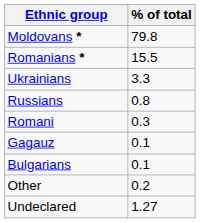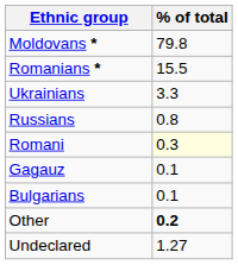 <table class="wikitable sortable">
 <tr>
 <th style="width:140px;"><a href='#'>Ethnic group</a></th>
 <th>% of total</th>
 </tr>
 <tr>
 <td><a href='#'>Moldovans</a> <strong>*</strong></td>
 <td>79.8</td>
 </tr>
 <tr>
 <td><a href='#'>Romanians</a> <strong>*</strong></td>
 <td>15.5</td>
 </tr>
 <tr>
 <td><a href='#'>Ukrainians</a></td>
 <td>3.3</td>
 </tr>
 <tr>
 <td><a href='#'>Russians</a></td>
 <td>0.8</td>
 </tr>
 <tr>
 <td><a href='#'>Romani</a></td>
-<td>0.3</td>
+<td style="background: lightyellow;">0.3</td>
 </tr>
 <tr>
 <td><a href='#'>Gagauz</a></td>
 <td>0.1</td>
 </tr>
 <tr>
 <td><a href='#'>Bulgarians</a></td>
 <td>0.1</td>
 </tr>
 <tr>
 <td>Other</td>
-<td>0.2</td>
+<td><strong>0.2</strong></td>
 </tr>
 <tr>
 <td>Undeclared</td>
 <td>1.27</td>
 </tr>
 </table>
